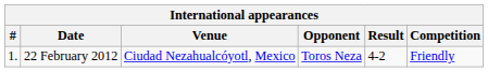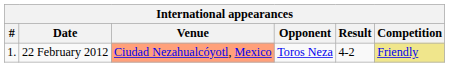 <table class="wikitable collapsible collapsed" style="font-size:100%">
 <tr>
 <th colspan="7"><strong>International appearances</strong></th>
 </tr>
 <tr>
 <th>#</th>
 <th>Date</th>
 <th>Venue</th>
 <th>Opponent</th>
 <th>Result</th>
 <th>Competition</th>
 </tr>
 <tr>
 <td>1.</td>
 <td>22 February 2012</td>
-<td><a href='#'>Ciudad Nezahualcóyotl</a>, <a href='#'>Mexico</a></td>
+<td style="background: lightsalmon;"><a href='#'>Ciudad Nezahualcóyotl</a>, <a href='#'>Mexico</a></td>
 <td> <a href='#'>Toros Neza</a></td>
 <td>4-2</td>
-<td><a href='#'>Friendly</a></td>
+<td style="background: khaki;"><a href='#'>Friendly</a></td>
 </tr>
 </table>
